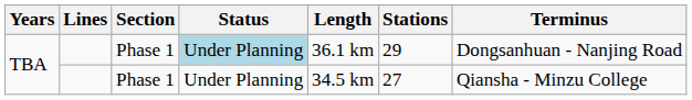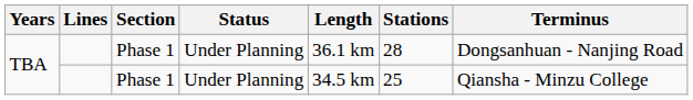 <table class="wikitable">
 <tr>
 <th>Years</th>
 <th>Lines</th>
 <th>Section</th>
 <th>Status</th>
 <th>Length</th>
 <th>Stations</th>
 <th>Terminus</th>
 </tr>
 <tr>
 <td rowspan="2">TBA</td>
 <td></td>
 <td>Phase 1</td>
-<td style="background: lightblue;">Under Planning</td>
+<td>Under Planning</td>
 <td>36.1 km</td>
-<td>29</td>
+<td>28</td>
 <td>Dongsanhuan - Nanjing Road</td>
 </tr>
 <tr>
 <td></td>
 <td>Phase 1</td>
 <td>Under Planning</td>
 <td>34.5 km</td>
-<td>27</td>
+<td>25</td>
 <td>Qiansha - Minzu College</td>
 </tr>
 </table>
